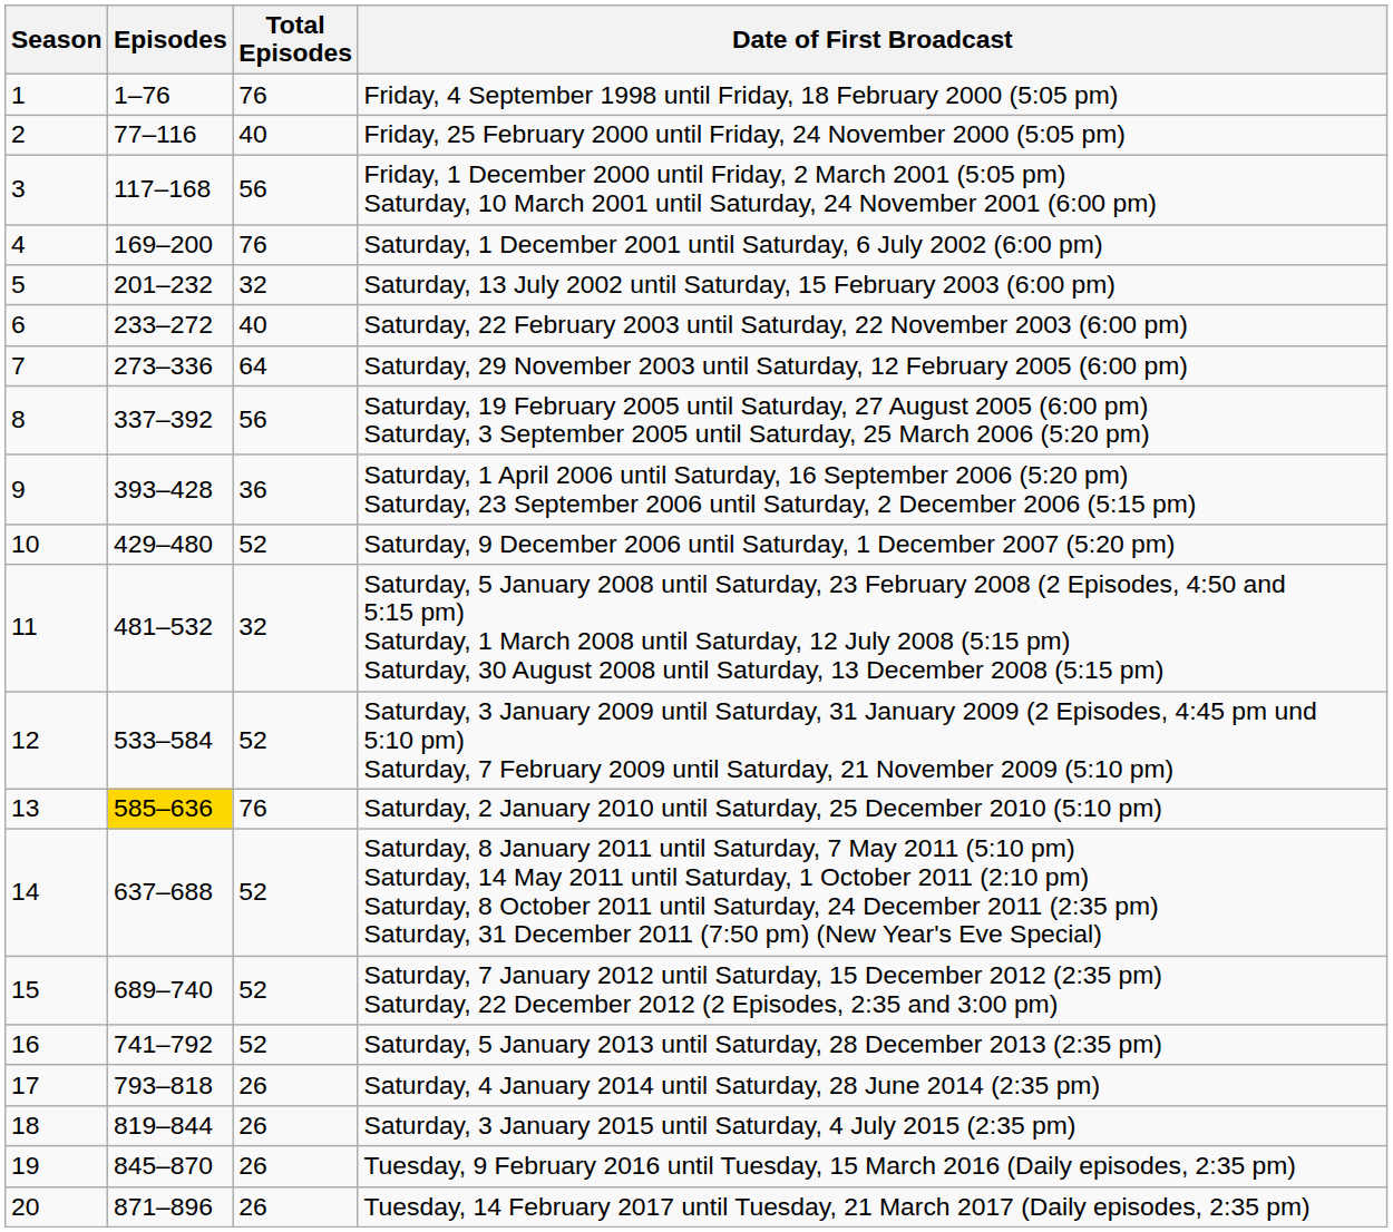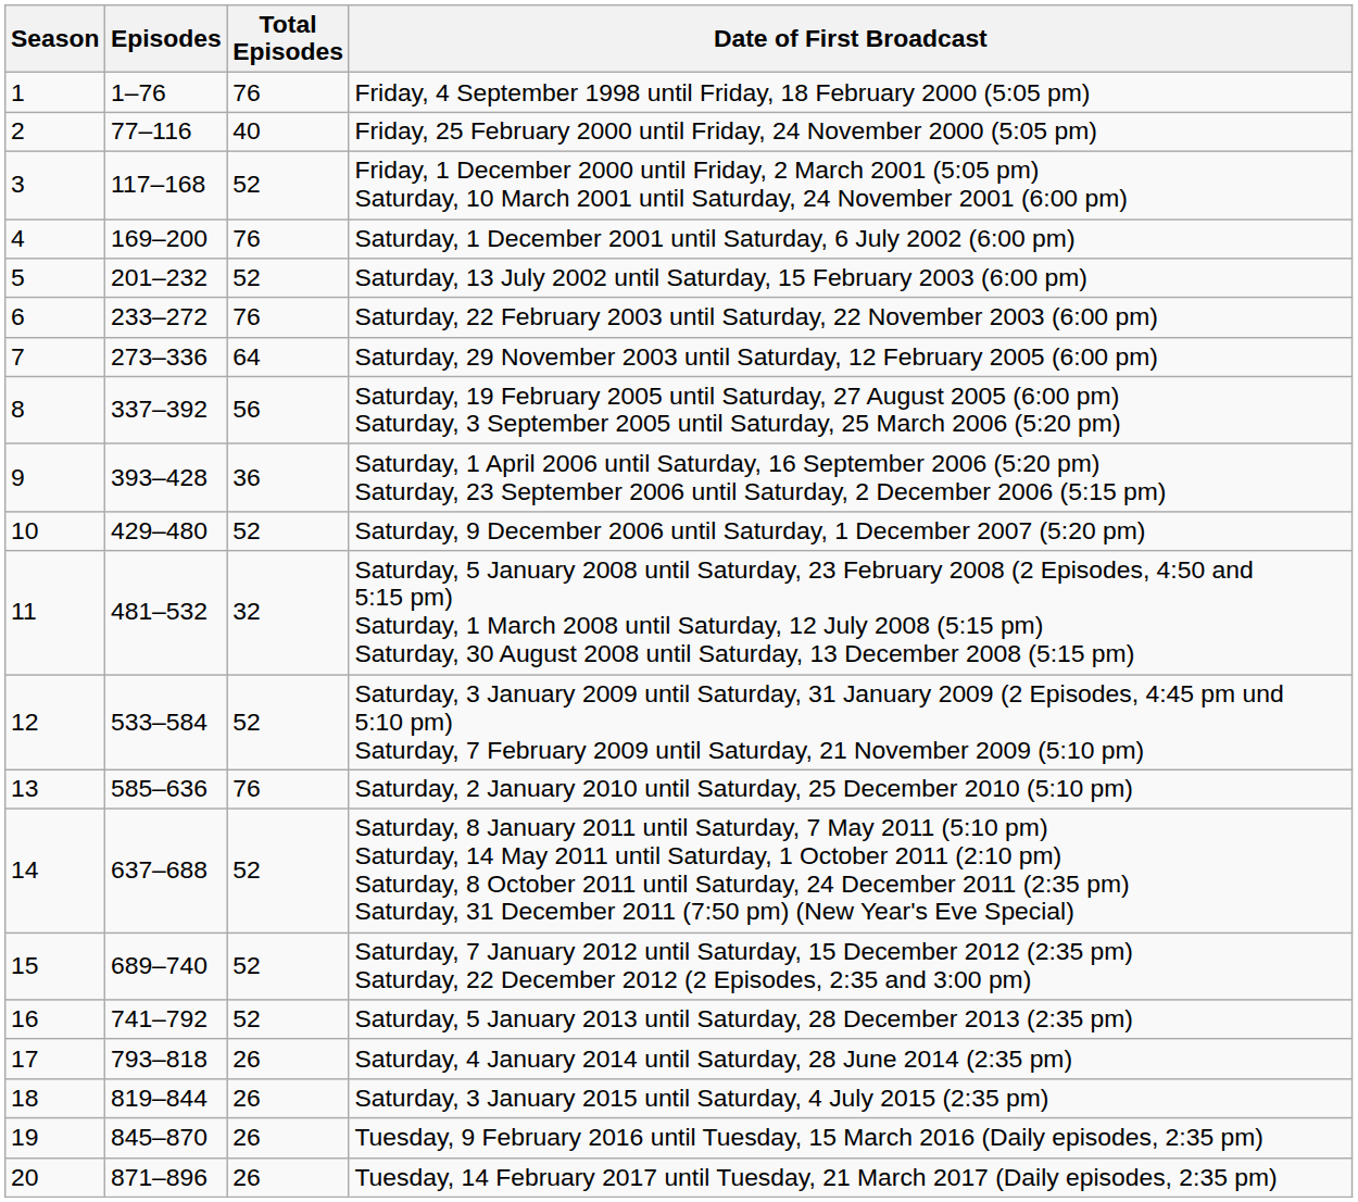 <table class="wikitable">
 <tr class="hintergrundfarbe5">
 <th>Season</th>
 <th>Episodes</th>
 <th>Total<br>Episodes</th>
 <th>Date of First Broadcast</th>
 </tr>
 <tr>
 <td>1</td>
 <td>1–76</td>
 <td>76</td>
 <td>Friday, 4 September 1998 until Friday, 18 February 2000 (5:05 pm)</td>
 </tr>
 <tr>
 <td>2</td>
 <td>77–116</td>
 <td>40</td>
 <td>Friday, 25 February 2000 until Friday, 24 November 2000 (5:05 pm)</td>
 </tr>
 <tr>
 <td>3</td>
 <td>117–168</td>
-<td>56</td>
+<td>52</td>
 <td>Friday, 1 December 2000 until Friday, 2 March 2001 (5:05 pm)<br>Saturday, 10 March 2001 until Saturday, 24 November 2001 (6:00 pm)</td>
 </tr>
 <tr>
 <td>4</td>
 <td>169–200</td>
 <td>76</td>
 <td>Saturday, 1 December 2001 until Saturday, 6 July 2002 (6:00 pm)</td>
 </tr>
 <tr>
 <td>5</td>
 <td>201–232</td>
-<td>32</td>
+<td>52</td>
 <td>Saturday, 13 July 2002 until Saturday, 15 February 2003 (6:00 pm)</td>
 </tr>
 <tr>
 <td>6</td>
 <td>233–272</td>
-<td>40</td>
+<td>76</td>
 <td>Saturday, 22 February 2003 until Saturday, 22 November 2003 (6:00 pm)</td>
 </tr>
 <tr>
 <td>7</td>
 <td>273–336</td>
 <td>64</td>
 <td>Saturday, 29 November 2003 until Saturday, 12 February 2005 (6:00 pm)</td>
 </tr>
 <tr>
 <td>8</td>
 <td>337–392</td>
 <td>56</td>
 <td>Saturday, 19 February 2005 until Saturday, 27 August 2005 (6:00 pm)<br>Saturday, 3 September 2005 until Saturday, 25 March 2006 (5:20 pm)</td>
 </tr>
 <tr>
 <td>9</td>
 <td>393–428</td>
 <td>36</td>
 <td>Saturday, 1 April 2006 until Saturday, 16 September 2006 (5:20 pm)<br>Saturday, 23 September 2006 until Saturday, 2 December 2006 (5:15 pm)</td>
 </tr>
 <tr>
 <td>10</td>
 <td>429–480</td>
 <td>52</td>
 <td>Saturday, 9 December 2006 until Saturday, 1 December 2007 (5:20 pm)</td>
 </tr>
 <tr>
 <td>11</td>
 <td>481–532</td>
 <td>32</td>
 <td>Saturday, 5 January 2008 until Saturday, 23 February 2008 (2 Episodes, 4:50 and 5:15 pm)<br>Saturday, 1 March 2008 until Saturday, 12 July 2008 (5:15 pm)<br>Saturday, 30 August 2008 until Saturday, 13 December 2008 (5:15 pm)</td>
 </tr>
 <tr>
 <td>12</td>
 <td>533–584</td>
 <td>52</td>
 <td>Saturday, 3 January 2009 until Saturday, 31 January 2009 (2 Episodes, 4:45 pm und 5:10 pm)<br>Saturday, 7 February 2009 until Saturday, 21 November 2009 (5:10 pm)</td>
 </tr>
 <tr>
 <td>13</td>
-<td style="background: gold;">585–636</td>
+<td>585–636</td>
 <td>76</td>
 <td>Saturday, 2 January 2010 until Saturday, 25 December 2010 (5:10 pm)</td>
 </tr>
 <tr>
 <td>14</td>
 <td>637–688</td>
 <td>52</td>
 <td>Saturday, 8 January 2011 until Saturday, 7 May 2011 (5:10 pm)<br>Saturday, 14 May 2011 until Saturday, 1 October 2011 (2:10 pm)<br>Saturday, 8 October 2011 until Saturday, 24 December 2011 (2:35 pm)<br>Saturday, 31 December 2011 (7:50 pm) (New Year's Eve Special)</td>
 </tr>
 <tr>
 <td>15</td>
 <td>689–740</td>
 <td>52</td>
 <td>Saturday, 7 January 2012 until Saturday, 15 December 2012 (2:35 pm)<br>Saturday, 22 December 2012 (2 Episodes, 2:35 and 3:00 pm)</td>
 </tr>
 <tr>
 <td>16</td>
 <td>741–792</td>
 <td>52</td>
 <td>Saturday, 5 January 2013 until Saturday, 28 December 2013 (2:35 pm)</td>
 </tr>
 <tr>
 <td>17</td>
 <td>793–818</td>
 <td>26</td>
 <td>Saturday, 4 January 2014 until Saturday, 28 June 2014 (2:35 pm)</td>
 </tr>
 <tr>
 <td>18</td>
 <td>819–844</td>
 <td>26</td>
 <td>Saturday, 3 January 2015 until Saturday, 4 July 2015 (2:35 pm)</td>
 </tr>
 <tr>
 <td>19</td>
 <td>845–870</td>
 <td>26</td>
 <td>Tuesday, 9 February 2016 until Tuesday, 15 March 2016 (Daily episodes, 2:35 pm)</td>
 </tr>
 <tr>
 <td>20</td>
 <td>871–896</td>
 <td>26</td>
 <td>Tuesday, 14 February 2017 until Tuesday, 21 March 2017 (Daily episodes, 2:35 pm)</td>
 </tr>
 </table>
